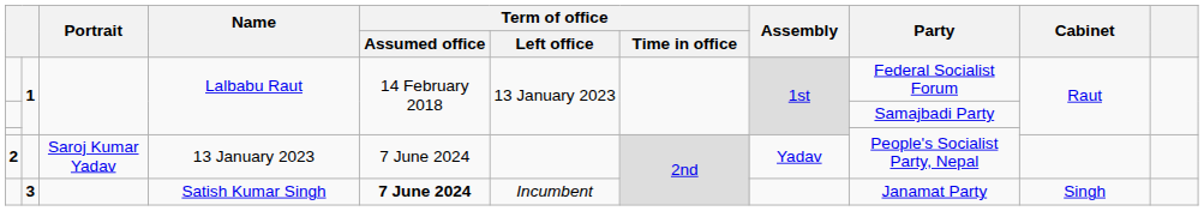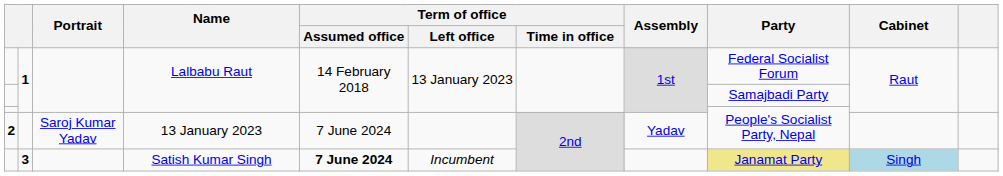 <table class="wikitable sortable" style="text-align:center;">
 <tr>
 <th colspan="2" rowspan="2" width="25px"></th>
 <th rowspan="2" width="100px">Portrait</th>
 <th rowspan="2" width="200px">Name<br><br></th>
 <th colspan="3">Term of office</th>
 <th rowspan="2" width="90px">Assembly<br></th>
 <th rowspan="2" width="160px">Party</th>
 <th rowspan="2" width="120px">Cabinet</th>
 <th rowspan="2" width="40px"></th>
 </tr>
 <tr>
 <th width="120px">Assumed office</th>
 <th width="120px">Left office</th>
 <th width="120px">Time in office</th>
 </tr>
 <tr>
 <td></td>
 <td rowspan="3"><strong>1</strong></td>
 <td rowspan="3"></td>
 <td rowspan="3"><a href='#'>Lalbabu Raut</a><br><br></td>
 <td rowspan="3">14 February 2018</td>
 <td rowspan="3">13 January 2023</td>
 <td rowspan="3"></td>
 <td rowspan="3" bgcolor="dddddd"><a href='#'>1st</a><br></td>
 <td><a href='#'>Federal Socialist Forum</a></td>
 <td rowspan="3"><a href='#'>Raut</a></td>
 <td rowspan="3"></td>
 </tr>
 <tr>
 <td></td>
 <td><a href='#'>Samajbadi Party</a></td>
 </tr>
 <tr>
 <td></td>
 <td rowspan="2"><a href='#'>People's Socialist Party, Nepal</a></td>
 </tr>
 <tr>
 <td><strong>2</strong></td>
 <td></td>
 <td><a href='#'>Saroj Kumar Yadav</a><br></td>
 <td>13 January 2023</td>
 <td>7 June 2024</td>
 <td></td>
 <td rowspan="2" bgcolor="dddddd"><a href='#'>2nd</a><br></td>
 <td><a href='#'>Yadav</a></td>
 <td></td>
 </tr>
 <tr>
 <td></td>
 <td><strong>3</strong></td>
 <td></td>
 <td><a href='#'>Satish Kumar Singh</a><br></td>
 <td><strong>7 June 2024</strong></td>
 <td><em>Incumbent</em></td>
 <td></td>
-<td><a href='#'>Janamat Party</a></td>
-<td><a href='#'>Singh</a></td>
+<td style="background: khaki;"><a href='#'>Janamat Party</a></td>
+<td style="background: lightblue;"><a href='#'>Singh</a></td>
 <td></td>
 </tr>
 </table>
